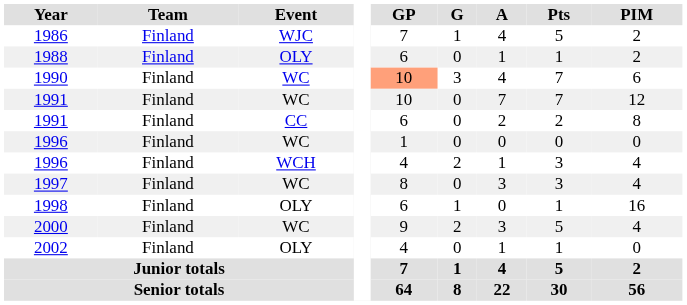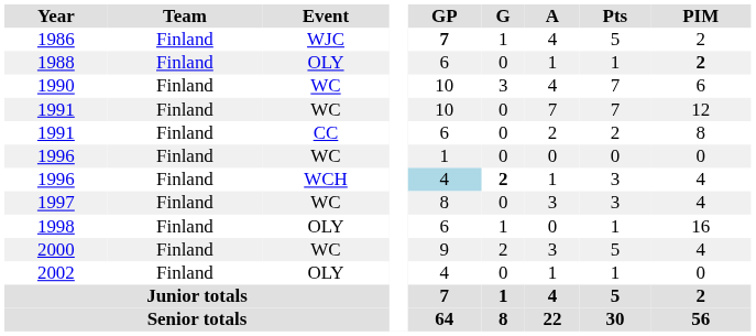 <table border="0" cellpadding="1" cellspacing="0" style="text-align:center; width:40em">
 <tr ALIGN="center" bgcolor="#e0e0e0">
 <th>Year</th>
 <th>Team</th>
 <th>Event</th>
 <th rowspan="99" bgcolor="#ffffff"> </th>
 <th>GP</th>
 <th>G</th>
 <th>A</th>
 <th>Pts</th>
 <th>PIM</th>
 </tr>
 <tr>
 <td><a href='#'>1986</a></td>
 <td><a href='#'>Finland</a></td>
 <td><a href='#'>WJC</a></td>
-<td>7</td>
+<td><strong>7</strong></td>
 <td>1</td>
 <td>4</td>
 <td>5</td>
 <td>2</td>
 </tr>
 <tr bgcolor="#f0f0f0">
 <td><a href='#'>1988</a></td>
 <td><a href='#'>Finland</a></td>
 <td><a href='#'>OLY</a></td>
 <td>6</td>
 <td>0</td>
 <td>1</td>
 <td>1</td>
-<td>2</td>
+<td><strong>2</strong></td>
 </tr>
 <tr>
 <td><a href='#'>1990</a></td>
 <td>Finland</td>
 <td><a href='#'>WC</a></td>
-<td style="background: lightsalmon;">10</td>
+<td>10</td>
 <td>3</td>
 <td>4</td>
 <td>7</td>
 <td>6</td>
 </tr>
 <tr bgcolor="#f0f0f0">
 <td><a href='#'>1991</a></td>
 <td>Finland</td>
 <td>WC</td>
 <td>10</td>
 <td>0</td>
 <td>7</td>
 <td>7</td>
 <td>12</td>
 </tr>
 <tr>
 <td><a href='#'>1991</a></td>
 <td>Finland</td>
 <td><a href='#'>CC</a></td>
 <td>6</td>
 <td>0</td>
 <td>2</td>
 <td>2</td>
 <td>8</td>
 </tr>
 <tr bgcolor="#f0f0f0">
 <td><a href='#'>1996</a></td>
 <td>Finland</td>
 <td>WC</td>
 <td>1</td>
 <td>0</td>
 <td>0</td>
 <td>0</td>
 <td>0</td>
 </tr>
 <tr>
 <td><a href='#'>1996</a></td>
 <td>Finland</td>
 <td><a href='#'>WCH</a></td>
-<td>4</td>
-<td>2</td>
+<td style="background: lightblue;">4</td>
+<td><strong>2</strong></td>
 <td>1</td>
 <td>3</td>
 <td>4</td>
 </tr>
 <tr bgcolor="#f0f0f0">
 <td><a href='#'>1997</a></td>
 <td>Finland</td>
 <td>WC</td>
 <td>8</td>
 <td>0</td>
 <td>3</td>
 <td>3</td>
 <td>4</td>
 </tr>
 <tr>
 <td><a href='#'>1998</a></td>
 <td>Finland</td>
 <td>OLY</td>
 <td>6</td>
 <td>1</td>
 <td>0</td>
 <td>1</td>
 <td>16</td>
 </tr>
 <tr bgcolor="#f0f0f0">
 <td><a href='#'>2000</a></td>
 <td>Finland</td>
 <td>WC</td>
 <td>9</td>
 <td>2</td>
 <td>3</td>
 <td>5</td>
 <td>4</td>
 </tr>
 <tr>
 <td><a href='#'>2002</a></td>
 <td>Finland</td>
 <td>OLY</td>
 <td>4</td>
 <td>0</td>
 <td>1</td>
 <td>1</td>
 <td>0</td>
 </tr>
 <tr bgcolor="#e0e0e0">
 <th colspan=3>Junior totals</th>
 <th>7</th>
 <th>1</th>
 <th>4</th>
 <th>5</th>
 <th>2</th>
 </tr>
 <tr bgcolor="#e0e0e0">
 <th colspan=3>Senior totals</th>
 <th>64</th>
 <th>8</th>
 <th>22</th>
 <th>30</th>
 <th>56</th>
 </tr>
 </table>
